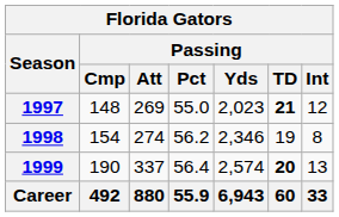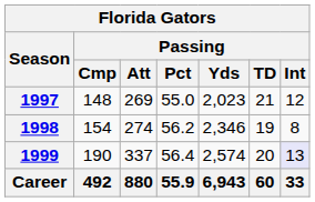 <table class="wikitable" style="text-align: center;">
 <tr>
 <th colspan="15">Florida Gators</th>
 </tr>
 <tr>
 <th rowspan="2">Season</th>
 <th colspan="6">Passing</th>
 </tr>
 <tr>
 <th>Cmp</th>
 <th>Att</th>
 <th>Pct</th>
 <th>Yds</th>
 <th>TD</th>
 <th>Int</th>
 </tr>
 <tr>
 <th><a href='#'>1997</a></th>
 <td>148</td>
 <td>269</td>
 <td>55.0</td>
 <td>2,023</td>
-<td><strong>21</strong></td>
+<td>21</td>
 <td>12</td>
 </tr>
 <tr>
 <th><a href='#'>1998</a></th>
 <td>154</td>
 <td>274</td>
 <td>56.2</td>
 <td>2,346</td>
 <td>19</td>
 <td>8</td>
 </tr>
 <tr>
 <th><a href='#'>1999</a></th>
 <td>190</td>
 <td>337</td>
 <td>56.4</td>
 <td>2,574</td>
-<td><strong>20</strong></td>
-<td>13</td>
+<td>20</td>
+<td style="background: lavender;">13</td>
 </tr>
 <tr>
 <th>Career</th>
 <th>492</th>
 <th>880</th>
 <th>55.9</th>
 <th>6,943</th>
 <th>60</th>
 <th>33</th>
 </tr>
 </table>
